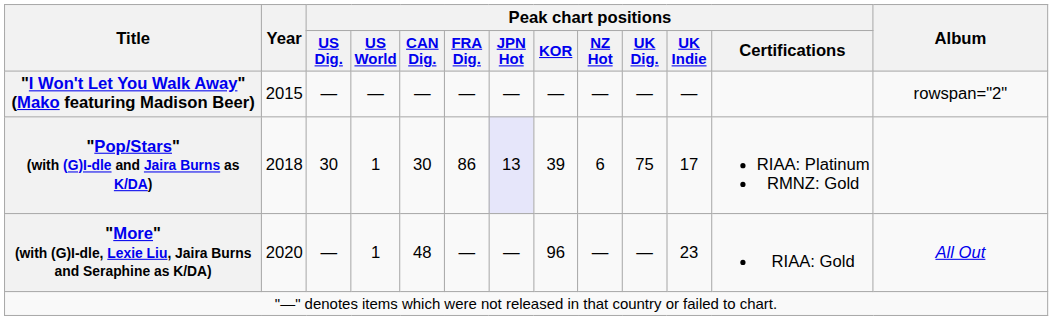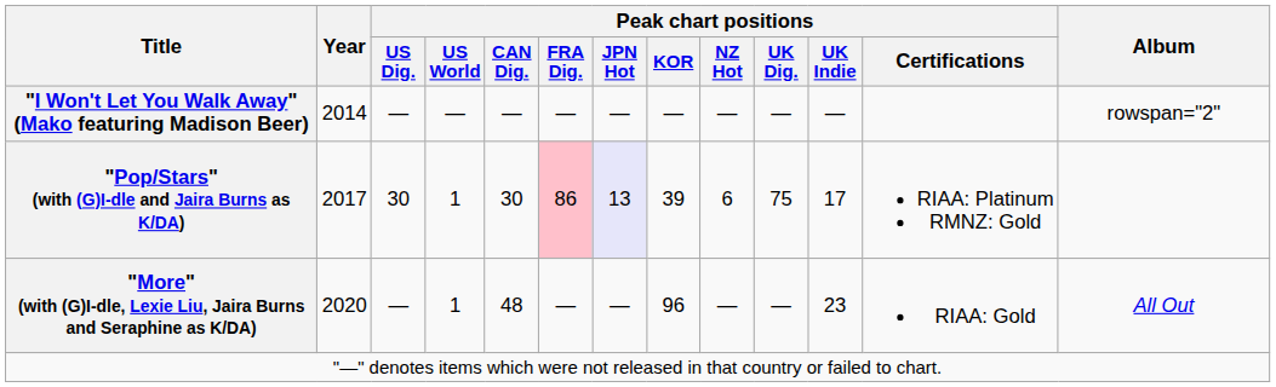 <table class="wikitable plainrowheaders" style="text-align:center;">
 <tr>
 <th scope="col" rowspan="2" style="width:15em;">Title</th>
 <th scope="col" rowspan="2" style="width:2em;">Year</th>
 <th colspan="10" scope="col">Peak chart positions</th>
 <th scope="col" rowspan="2" style="width:10em;">Album</th>
 </tr>
 <tr>
 <th scope="col" style="width:2.5em;font-size:90%;"><a href='#'>US<br>Dig.</a><br></th>
 <th scope="col" style="width:2.5em;font-size:90%;"><a href='#'>US<br>World</a><br></th>
 <th scope="col" style="width:2.5em;font-size:90%;"><a href='#'>CAN<br>Dig.</a><br></th>
 <th scope="col" style="width:2.5em;font-size:90%;"><a href='#'>FRA<br>Dig.</a><br></th>
 <th scope="col" style="width:2.5em;font-size:90%;"><a href='#'>JPN Hot</a><br></th>
 <th scope="col" style="width:2.5em;font-size:90%;"><a href='#'>KOR</a><br></th>
 <th scope="col" style="width:2.5em;font-size:90%;"><a href='#'>NZ<br>Hot</a><br></th>
 <th scope="col" style="width:2.5em;font-size:90%;"><a href='#'>UK<br>Dig.</a><br></th>
 <th scope="col" style="width:2.5em;font-size:90%;"><a href='#'>UK<br>Indie</a><br></th>
 <th>Certifications</th>
 </tr>
 <tr>
 <th scope="row">"<a href='#'>I Won't Let You Walk Away</a>"<br><span>(<a href='#'>Mako</a> featuring Madison Beer)</span></th>
-<td>2015</td>
+<td>2014</td>
 <td>—</td>
 <td>—</td>
 <td>—</td>
 <td>—</td>
 <td>—</td>
 <td>—</td>
 <td>—</td>
 <td>—</td>
 <td>—</td>
 <td></td>
 <td>rowspan="2" </td>
 </tr>
 <tr>
 <th scope="row">"<a href='#'>Pop/Stars</a>"<br><small>(with <a href='#'>(G)I-dle</a> and <a href='#'>Jaira Burns</a> as <a href='#'>K/DA</a>)</small></th>
-<td>2018</td>
+<td>2017</td>
 <td>30</td>
 <td>1</td>
 <td>30</td>
-<td>86</td>
+<td style="background: pink;">86</td>
 <td style="background: lavender;">13</td>
 <td>39</td>
 <td>6</td>
 <td>75</td>
 <td>17</td>
 <td><br><ul><li>RIAA: Platinum</li><li>RMNZ: Gold</li></ul></td>
 </tr>
 <tr>
 <th scope="row">"<a href='#'>More</a>"<br><small>(with (G)I-dle, <a href='#'>Lexie Liu</a>, Jaira Burns and Seraphine as K/DA)</small></th>
 <td>2020</td>
 <td>—</td>
 <td>1</td>
 <td>48</td>
 <td>—</td>
 <td>—</td>
 <td>96</td>
 <td>—</td>
 <td>—</td>
 <td>23</td>
 <td><br><ul><li>RIAA: Gold</li></ul></td>
 <td><em><a href='#'>All Out</a></em></td>
 </tr>
 <tr>
 <td colspan="16" style="font-size:90%;">"—" denotes items which were not released in that country or failed to chart.</td>
 </tr>
 </table>
